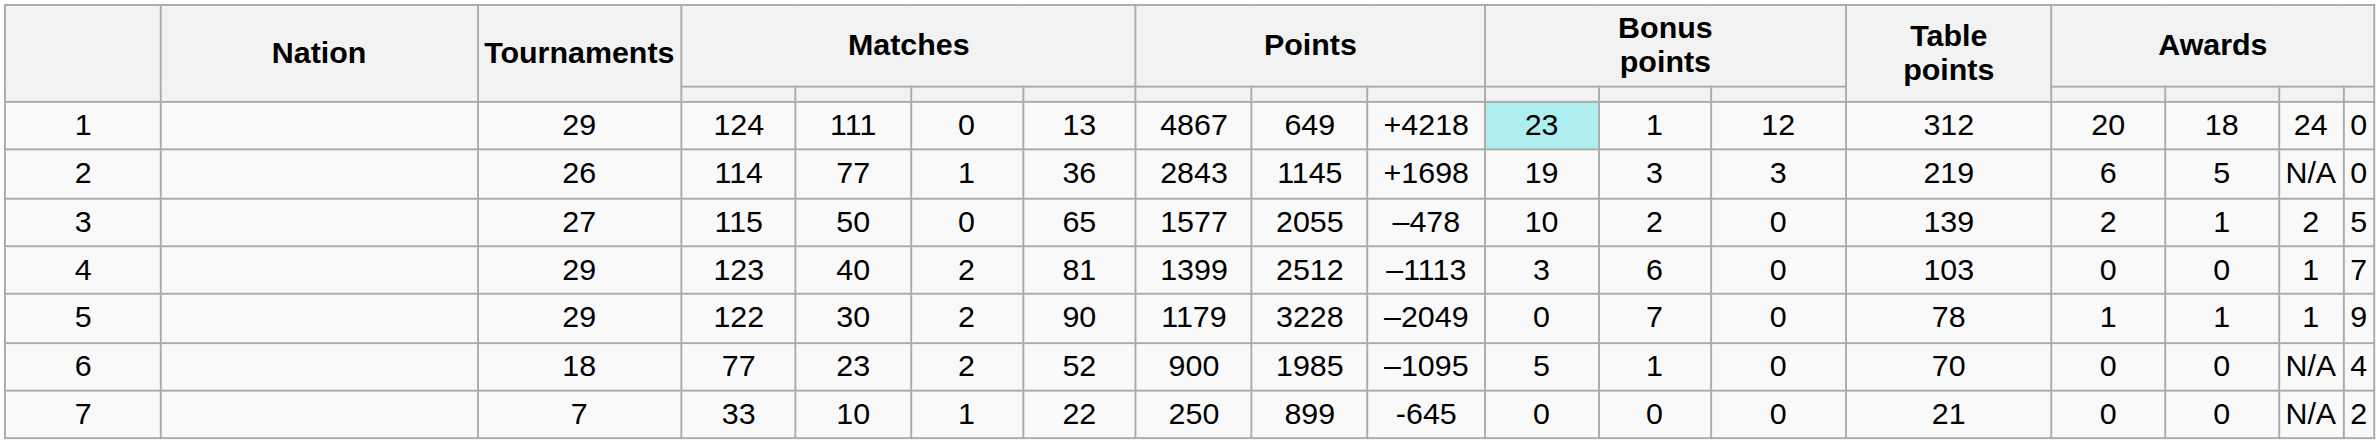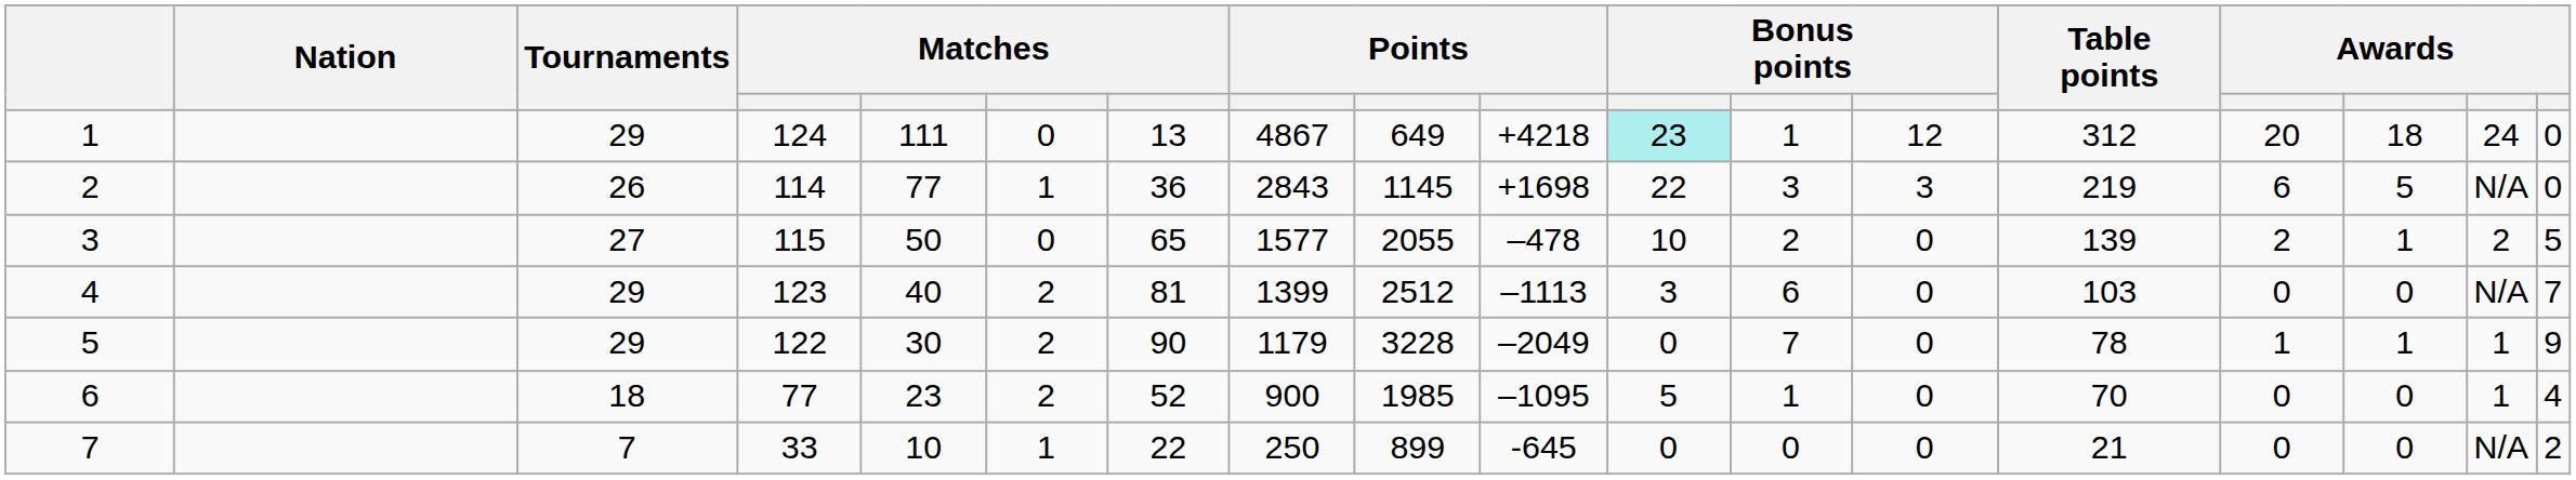 <table class="wikitable" style="text-align:center">
 <tr>
 <th rowspan="2" style="width:7%"></th>
 <th rowspan="2" style="width:14%">Nation</th>
 <th rowspan="2" style="width:7%">Tournaments</th>
 <th colspan="4" style="width:28%">Matches</th>
 <th colspan="3" style="width:21%">Points</th>
 <th colspan="3" style="width:21%">Bonus<br>points</th>
 <th rowspan="2" style="width:9%">Table<br>points</th>
 <th colspan="4" style="width:24%">Awards</th>
 </tr>
 <tr>
 <th style="width:5%"></th>
 <th style="width:5%"></th>
 <th style="width:5%"></th>
 <th style="width:5%"></th>
 <th style="width:5%"></th>
 <th style="width:5%"></th>
 <th style="width:5%"></th>
 <th style="width:5%"></th>
 <th style="width:5%"></th>
 <th style="width:6%"></th>
 <th style="width:5%"></th>
 <th style="width:5%"></th>
 <th style="width:5%"></th>
 <th style="width:5%"></th>
 </tr>
 <tr>
 <td>1</td>
 <td align="left"></td>
 <td>29</td>
 <td>124</td>
 <td>111</td>
 <td>0</td>
 <td>13</td>
 <td>4867</td>
 <td>649</td>
 <td>+4218</td>
 <td style="background: paleturquoise;">23</td>
 <td>1</td>
 <td>12</td>
 <td>312</td>
 <td>20</td>
 <td>18</td>
 <td>24</td>
 <td>0</td>
 </tr>
 <tr>
 <td>2</td>
 <td align="left"></td>
 <td>26</td>
 <td>114</td>
 <td>77</td>
 <td>1</td>
 <td>36</td>
 <td>2843</td>
 <td>1145</td>
 <td>+1698</td>
-<td>19</td>
+<td>22</td>
 <td>3</td>
 <td>3</td>
 <td>219</td>
 <td>6</td>
 <td>5</td>
 <td>N/A</td>
 <td>0</td>
 </tr>
 <tr>
 <td>3</td>
 <td align="left"></td>
 <td>27</td>
 <td>115</td>
 <td>50</td>
 <td>0</td>
 <td>65</td>
 <td>1577</td>
 <td>2055</td>
 <td>–478</td>
 <td>10</td>
 <td>2</td>
 <td>0</td>
 <td>139</td>
 <td>2</td>
 <td>1</td>
 <td>2</td>
 <td>5</td>
 </tr>
 <tr>
 <td>4</td>
 <td align="left"></td>
 <td>29</td>
 <td>123</td>
 <td>40</td>
 <td>2</td>
 <td>81</td>
 <td>1399</td>
 <td>2512</td>
 <td>–1113</td>
 <td>3</td>
 <td>6</td>
 <td>0</td>
 <td>103</td>
 <td>0</td>
 <td>0</td>
-<td>1</td>
+<td>N/A</td>
 <td>7</td>
 </tr>
 <tr>
 <td>5</td>
 <td align="left"></td>
 <td>29</td>
 <td>122</td>
 <td>30</td>
 <td>2</td>
 <td>90</td>
 <td>1179</td>
 <td>3228</td>
 <td>–2049</td>
 <td>0</td>
 <td>7</td>
 <td>0</td>
 <td>78</td>
 <td>1</td>
 <td>1</td>
 <td>1</td>
 <td>9</td>
 </tr>
 <tr>
 <td>6</td>
 <td align="left"></td>
 <td>18</td>
 <td>77</td>
 <td>23</td>
 <td>2</td>
 <td>52</td>
 <td>900</td>
 <td>1985</td>
 <td>–1095</td>
 <td>5</td>
 <td>1</td>
 <td>0</td>
 <td>70</td>
 <td>0</td>
 <td>0</td>
-<td>N/A</td>
+<td>1</td>
 <td>4</td>
 </tr>
 <tr>
 <td>7</td>
 <td align="left"></td>
 <td>7</td>
 <td>33</td>
 <td>10</td>
 <td>1</td>
 <td>22</td>
 <td>250</td>
 <td>899</td>
 <td>-645</td>
 <td>0</td>
 <td>0</td>
 <td>0</td>
 <td>21</td>
 <td>0</td>
 <td>0</td>
 <td>N/A</td>
 <td>2<br></td>
 </tr>
 </table>
